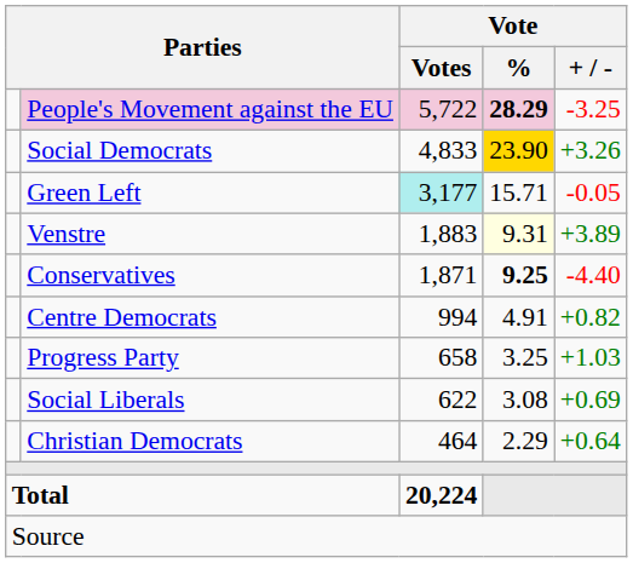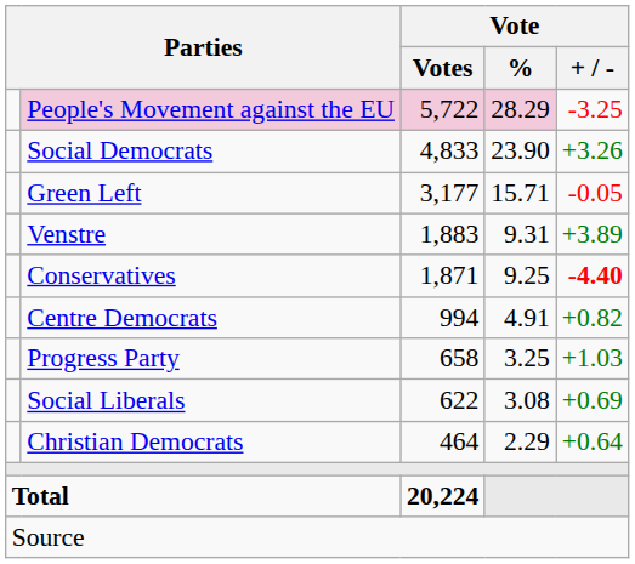 <table class="wikitable" style="text-align:right;">
 <tr>
 <th style="text-align:centre;" rowspan="2" colspan="2" width="225">Parties</th>
 <th colspan="3">Vote</th>
 </tr>
 <tr>
 <th width="15">Votes</th>
 <th width="15">%</th>
 <th width="15">+ / -</th>
 </tr>
 <tr>
 <td width="2" style="color:inherit;background:"></td>
 <td bgcolor=#f3c9dc   align="left"><a href='#'>People's Movement against the EU</a></td>
 <td bgcolor=#f3c9dc>5,722</td>
-<td bgcolor=#f3c9dc><strong>28.29</strong></td>
+<td bgcolor=#f3c9dc>28.29</td>
 <td style=color:red;>-3.25</td>
 </tr>
 <tr>
 <td width="2" style="color:inherit;background:"></td>
 <td align="left"><a href='#'>Social Democrats</a></td>
 <td>4,833</td>
-<td style="background: gold;">23.90</td>
+<td>23.90</td>
 <td style=color:green;>+3.26</td>
 </tr>
 <tr>
 <td width="2" style="color:inherit;background:"></td>
 <td align="left"><a href='#'>Green Left</a></td>
-<td style="background: paleturquoise;">3,177</td>
+<td>3,177</td>
 <td>15.71</td>
 <td style=color:red;>-0.05</td>
 </tr>
 <tr>
 <td width="2" style="color:inherit;background:"></td>
 <td align="left"><a href='#'>Venstre</a></td>
 <td>1,883</td>
-<td style="background: lightyellow;">9.31</td>
+<td>9.31</td>
 <td style=color:green;>+3.89</td>
 </tr>
 <tr>
 <td width="2" style="color:inherit;background:"></td>
 <td align="left"><a href='#'>Conservatives</a></td>
 <td>1,871</td>
-<td><strong>9.25</strong></td>
-<td style=color:red;>-4.40</td>
+<td>9.25</td>
+<td style=color:red;><strong>-4.40</strong></td>
 </tr>
 <tr>
 <td width="2" style="color:inherit;background:"></td>
 <td align="left"><a href='#'>Centre Democrats</a></td>
 <td>994</td>
 <td>4.91</td>
 <td style=color:green;>+0.82</td>
 </tr>
 <tr>
 <td width="2" style="color:inherit;background:"></td>
 <td align="left"><a href='#'>Progress Party</a></td>
 <td>658</td>
 <td>3.25</td>
 <td style=color:green;>+1.03</td>
 </tr>
 <tr>
 <td width="2" style="color:inherit;background:"></td>
 <td align="left"><a href='#'>Social Liberals</a></td>
 <td>622</td>
 <td>3.08</td>
 <td style=color:green;>+0.69</td>
 </tr>
 <tr>
 <td width="2" style="color:inherit;background:"></td>
 <td align="left"><a href='#'>Christian Democrats</a></td>
 <td>464</td>
 <td>2.29</td>
 <td style=color:green;>+0.64</td>
 </tr>
 <tr>
 <td colspan="7" bgcolor="#E9E9E9"></td>
 </tr>
 <tr>
 <td align="left" colspan="2"><strong>Total</strong></td>
 <td><strong>20,224</strong></td>
 <td bgcolor="#E9E9E9" colspan="2"></td>
 </tr>
 <tr>
 <td align="left" colspan="6">Source</td>
 </tr>
 </table>
